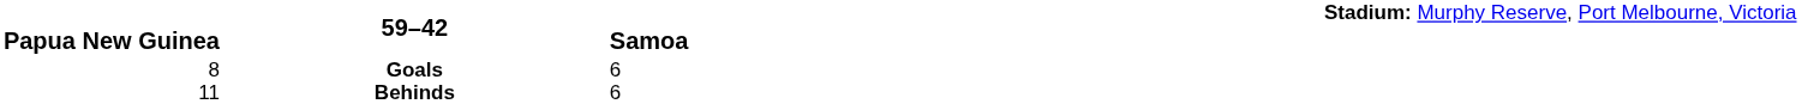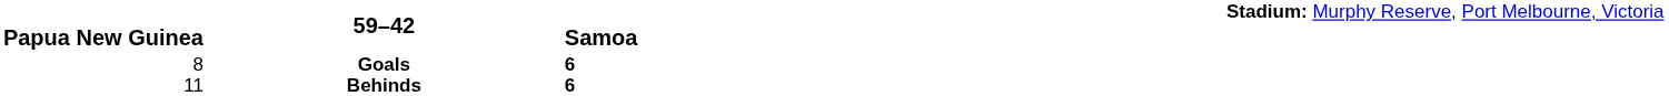 <table style="width: 100%; background: transparent;" cellspacing="0">
 <tr>
 <td align=center valign=top rowspan=3 width=15%></td>
 </tr>
 <tr>
 <td width=24% align=right><br><strong>Papua New Guinea</strong></td>
 <td align=center width=13%><strong>59–42</strong></td>
 <td width=24%><br><strong>Samoa</strong></td>
 <td style=font-size:85% rowspan=2 valign=top><strong>Stadium:</strong> <a href='#'>Murphy Reserve</a>, <a href='#'>Port Melbourne, Victoria</a></td>
 </tr>
 <tr style=font-size:85%>
 <td align=right valign=top>8<br> 11</td>
 <td align=center valign=top><strong>Goals <br>Behinds</strong></td>
-<td valign=top>6<br> 6</td>
+<td valign=top><strong>6<br> 6</strong></td>
 </tr>
 </table>
